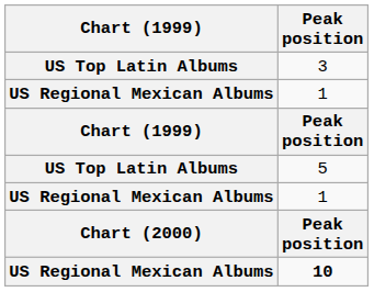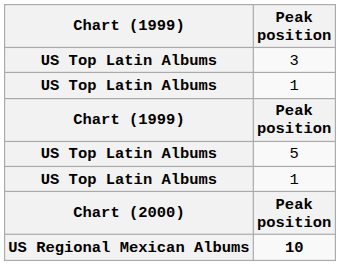 <table class="wikitable sortable plainrowheaders" style="text-align:center;">
 <tr>
 <th scope="col">Chart (1999)</th>
 <th scope="col">Peak<br>position</th>
 </tr>
 <tr>
 <th scope="row">US Top Latin Albums</th>
 <td>3</td>
 </tr>
 <tr>
-<th scope="row">US Regional Mexican Albums</th>
+<th scope="row">US Top Latin Albums</th>
 <td>1</td>
 </tr>
 <tr>
 <th scope="col">Chart (1999)</th>
 <th scope="col">Peak<br>position</th>
 </tr>
 <tr>
 <th scope="row">US Top Latin Albums</th>
 <td>5</td>
 </tr>
 <tr>
-<th scope="row">US Regional Mexican Albums</th>
+<th scope="row">US Top Latin Albums</th>
 <td>1</td>
 </tr>
 <tr>
 <th scope="col">Chart (2000)</th>
 <th scope="col">Peak<br>position</th>
 </tr>
 <tr>
 <th scope="row">US Regional Mexican Albums</th>
 <td><strong>10</strong></td>
 </tr>
 </table>
